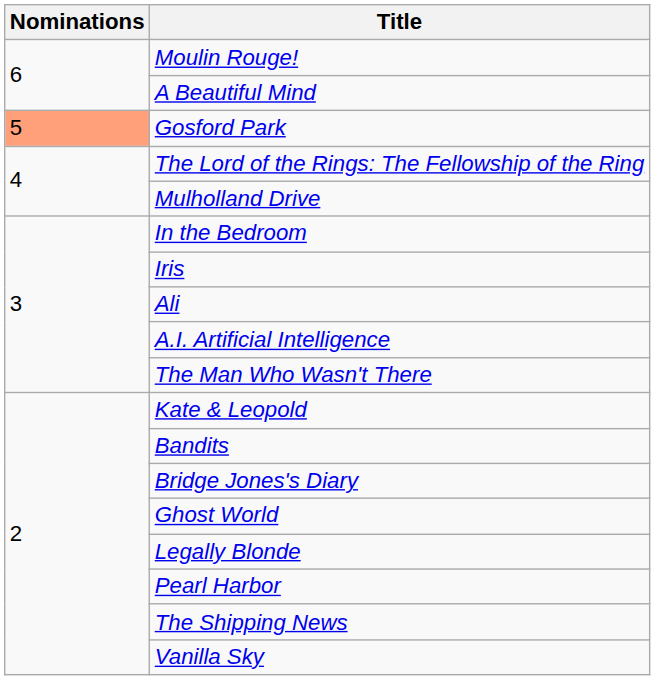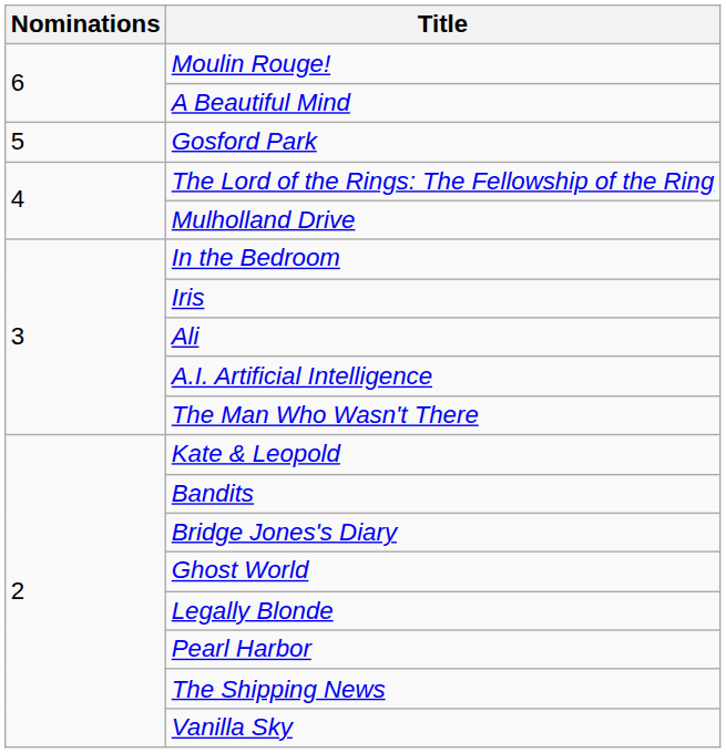 <table class="wikitable">
 <tr>
 <th>Nominations</th>
 <th>Title</th>
 </tr>
 <tr>
 <td rowspan="2">6</td>
 <td><em><a href='#'>Moulin Rouge!</a></em></td>
 </tr>
 <tr>
 <td><em><a href='#'>A Beautiful Mind</a></em></td>
 </tr>
 <tr>
-<td style="background: lightsalmon;">5</td>
+<td>5</td>
 <td><em><a href='#'>Gosford Park</a></em></td>
 </tr>
 <tr>
 <td rowspan="2">4</td>
 <td><em><a href='#'>The Lord of the Rings: The Fellowship of the Ring</a></em></td>
 </tr>
 <tr>
 <td><em><a href='#'>Mulholland Drive</a></em></td>
 </tr>
 <tr>
 <td rowspan="5">3</td>
 <td><em><a href='#'>In the Bedroom</a></em></td>
 </tr>
 <tr>
 <td><em><a href='#'>Iris</a></em></td>
 </tr>
 <tr>
 <td><em><a href='#'>Ali</a></em></td>
 </tr>
 <tr>
 <td><em><a href='#'>A.I. Artificial Intelligence</a></em></td>
 </tr>
 <tr>
 <td><em><a href='#'>The Man Who Wasn't There</a></em></td>
 </tr>
 <tr>
 <td rowspan="8">2</td>
 <td><em><a href='#'>Kate & Leopold</a></em></td>
 </tr>
 <tr>
 <td><em><a href='#'>Bandits</a></em></td>
 </tr>
 <tr>
 <td><em><a href='#'>Bridge Jones's Diary</a></em></td>
 </tr>
 <tr>
 <td><em><a href='#'>Ghost World</a></em></td>
 </tr>
 <tr>
 <td><em><a href='#'>Legally Blonde</a></em></td>
 </tr>
 <tr>
 <td><em><a href='#'>Pearl Harbor</a></em></td>
 </tr>
 <tr>
 <td><em><a href='#'>The Shipping News</a></em></td>
 </tr>
 <tr>
 <td><em><a href='#'>Vanilla Sky</a></em></td>
 </tr>
 </table>
